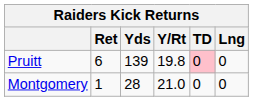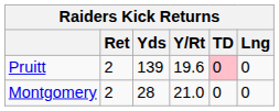 <table class="wikitable">
 <tr>
 <th colspan="6">Raiders Kick Returns</th>
 </tr>
 <tr>
 <th></th>
 <th>Ret</th>
 <th>Yds</th>
 <th>Y/Rt</th>
 <th>TD</th>
 <th>Lng</th>
 </tr>
 <tr>
 <td><a href='#'>Pruitt</a></td>
-<td>6</td>
+<td>2</td>
 <td>139</td>
-<td>19.8</td>
+<td>19.6</td>
 <td style="background: pink;">0</td>
 <td>0</td>
 </tr>
 <tr>
 <td><a href='#'>Montgomery</a></td>
-<td>1</td>
+<td>2</td>
 <td>28</td>
 <td>21.0</td>
 <td>0</td>
 <td>0</td>
 </tr>
 </table>
